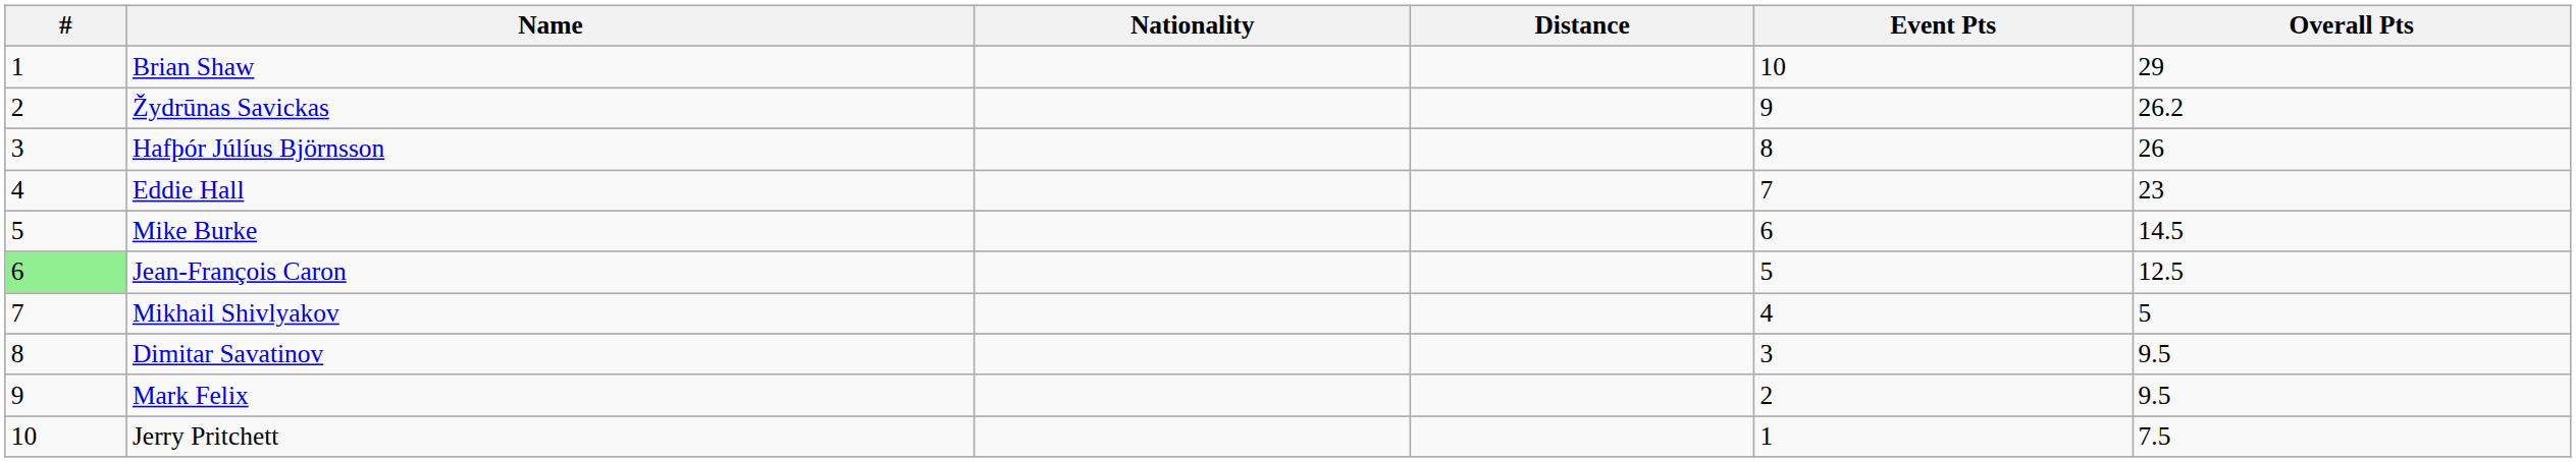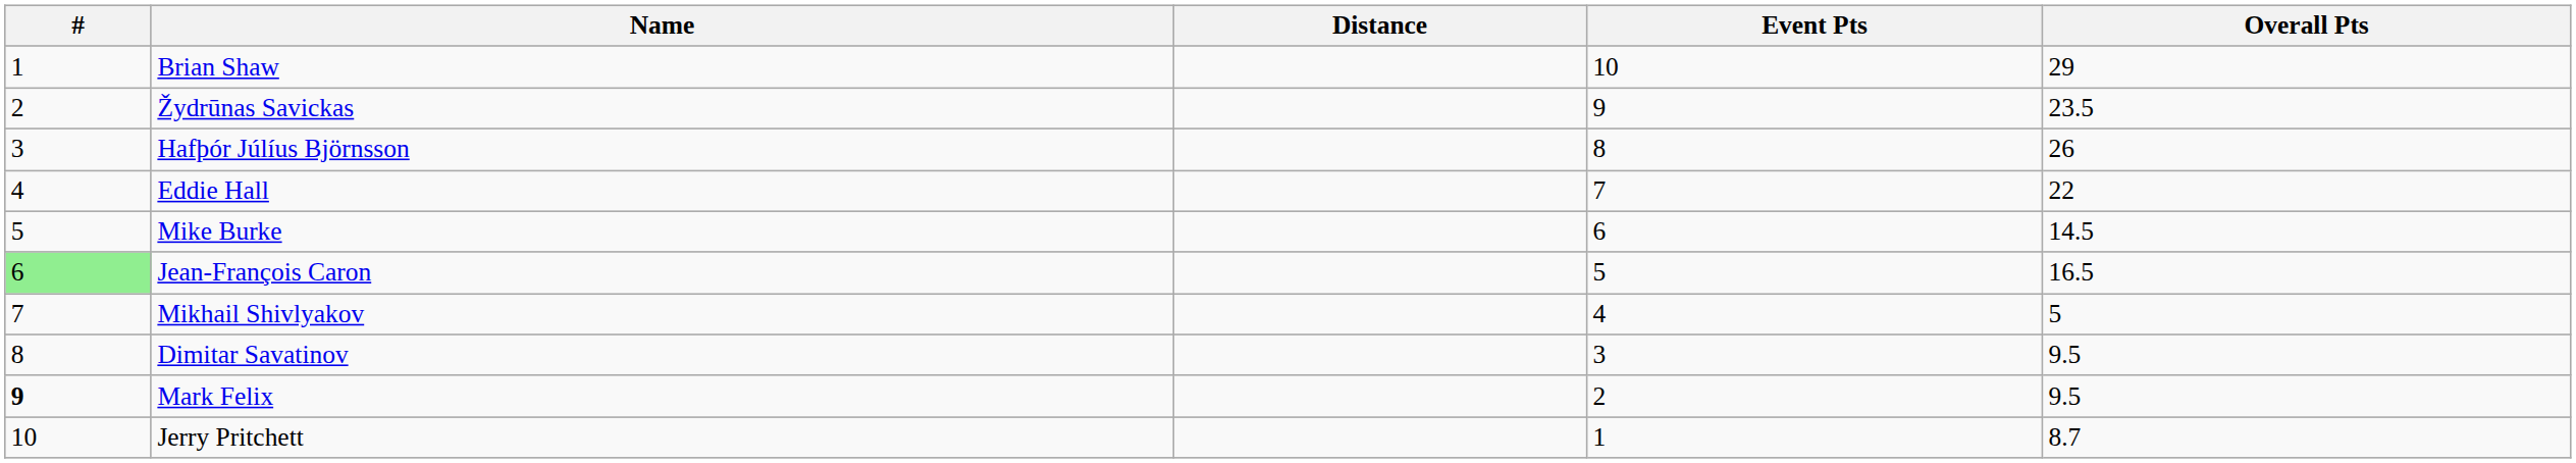 <table class="wikitable sortable" style="display: inline-table; width: 100%;">
 <tr>
 <th>#</th>
 <th>Name</th>
-<th>Nationality</th>
 <th>Distance</th>
 <th>Event Pts</th>
 <th>Overall Pts</th>
 </tr>
 <tr>
 <td>1</td>
 <td><a href='#'>Brian Shaw</a></td>
 <td></td>
-<td></td>
 <td>10</td>
 <td>29</td>
 </tr>
 <tr>
 <td>2</td>
 <td><a href='#'>Žydrūnas Savickas</a></td>
 <td></td>
-<td></td>
 <td>9</td>
-<td>26.2</td>
+<td>23.5</td>
 </tr>
 <tr>
 <td>3</td>
 <td><a href='#'>Hafþór Júlíus Björnsson</a></td>
-<td></td>
 <td></td>
 <td>8</td>
 <td>26</td>
 </tr>
 <tr>
 <td>4</td>
 <td><a href='#'>Eddie Hall</a></td>
 <td></td>
-<td></td>
 <td>7</td>
-<td>23</td>
+<td>22</td>
 </tr>
 <tr>
 <td>5</td>
 <td><a href='#'>Mike Burke</a></td>
-<td></td>
 <td></td>
 <td>6</td>
 <td>14.5</td>
 </tr>
 <tr>
 <td style="background: lightgreen;">6</td>
 <td><a href='#'>Jean-François Caron</a></td>
 <td></td>
-<td></td>
 <td>5</td>
-<td>12.5</td>
+<td>16.5</td>
 </tr>
 <tr>
 <td>7</td>
 <td><a href='#'>Mikhail Shivlyakov</a></td>
-<td></td>
 <td></td>
 <td>4</td>
 <td>5</td>
 </tr>
 <tr>
 <td>8</td>
 <td><a href='#'>Dimitar Savatinov</a></td>
 <td></td>
-<td></td>
 <td>3</td>
 <td>9.5</td>
 </tr>
 <tr>
-<td>9</td>
+<td><strong>9</strong></td>
 <td><a href='#'>Mark Felix</a></td>
-<td></td>
 <td></td>
 <td>2</td>
 <td>9.5</td>
 </tr>
 <tr>
 <td>10</td>
 <td>Jerry Pritchett</td>
 <td></td>
-<td></td>
 <td>1</td>
-<td>7.5</td>
+<td>8.7</td>
 </tr>
 </table>
